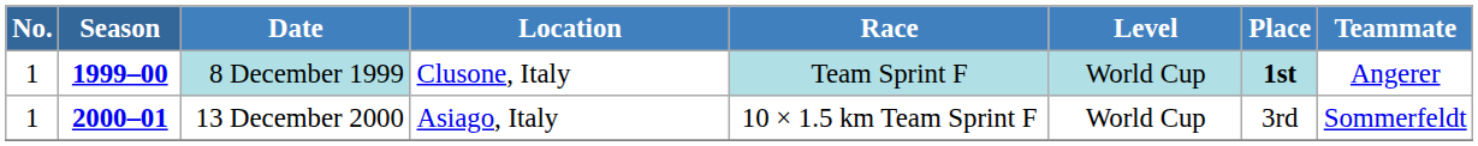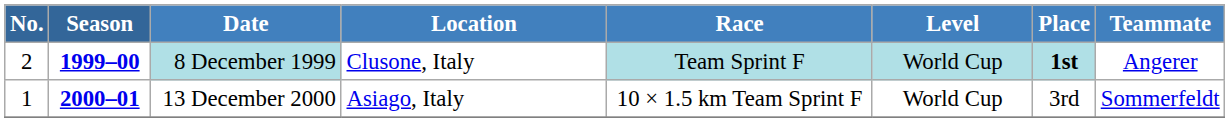 <table class="wikitable sortable" style="font-size:95%; text-align:center; border:grey solid 1px; border-collapse:collapse; background:#ffffff;">
 <tr style="background:#efefef;">
 <th style="background-color:#369; color:white;">No.</th>
 <th style="background-color:#369; color:white;">Season</th>
 <th style="background-color:#4180be; color:white; width:120px;">Date</th>
 <th style="background-color:#4180be; color:white; width:170px;">Location</th>
 <th style="background-color:#4180be; color:white; width:170px;">Race</th>
 <th style="background-color:#4180be; color:white; width:100px;">Level</th>
 <th style="background-color:#4180be; color:white;">Place</th>
 <th style="background-color:#4180be; color:white;">Teammate</th>
 </tr>
 <tr>
-<td align=center>1</td>
+<td align=center>2</td>
 <td rowspan=1 align=center><strong><a href='#'>1999–00</a></strong></td>
 <td bgcolor="#BOEOE6" align=right>8 December 1999</td>
 <td align=left> <a href='#'>Clusone</a>, Italy</td>
 <td bgcolor="#BOEOE6">Team Sprint F</td>
 <td bgcolor="#BOEOE6">World Cup</td>
 <td bgcolor="#BOEOE6"><strong>1st</strong></td>
 <td><a href='#'>Angerer</a></td>
 </tr>
 <tr>
 <td align=center>1</td>
 <td rowspan=1 align=center><strong> <a href='#'>2000–01</a> </strong></td>
 <td align=right>13 December 2000</td>
 <td align=left> <a href='#'>Asiago</a>, Italy</td>
 <td>10 × 1.5 km Team Sprint F</td>
 <td>World Cup</td>
 <td>3rd</td>
 <td><a href='#'>Sommerfeldt</a></td>
 </tr>
 <tr>
 </tr>
 </table>
